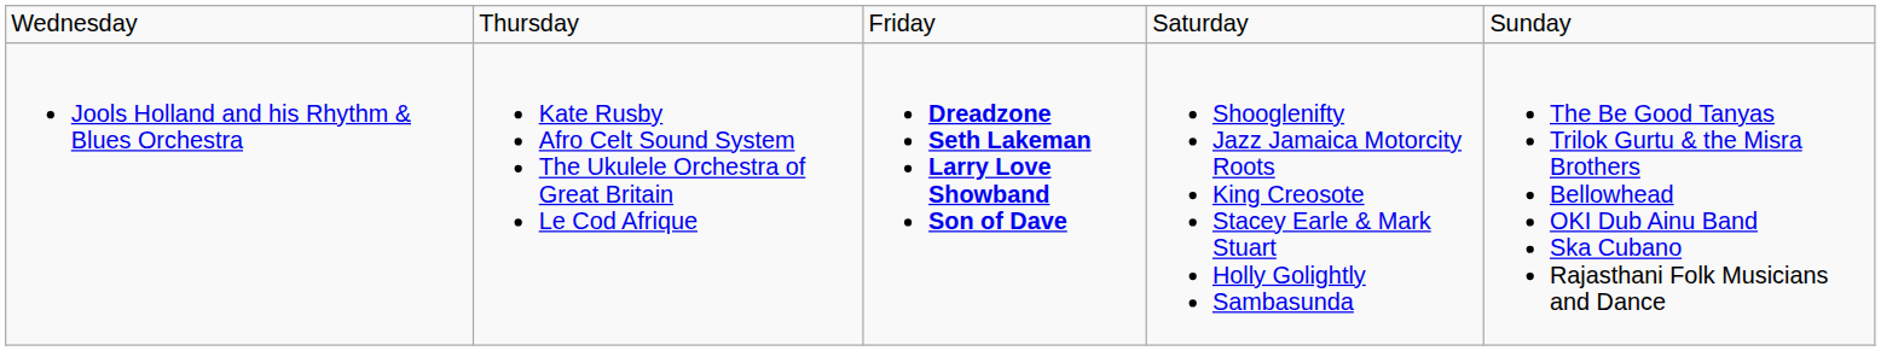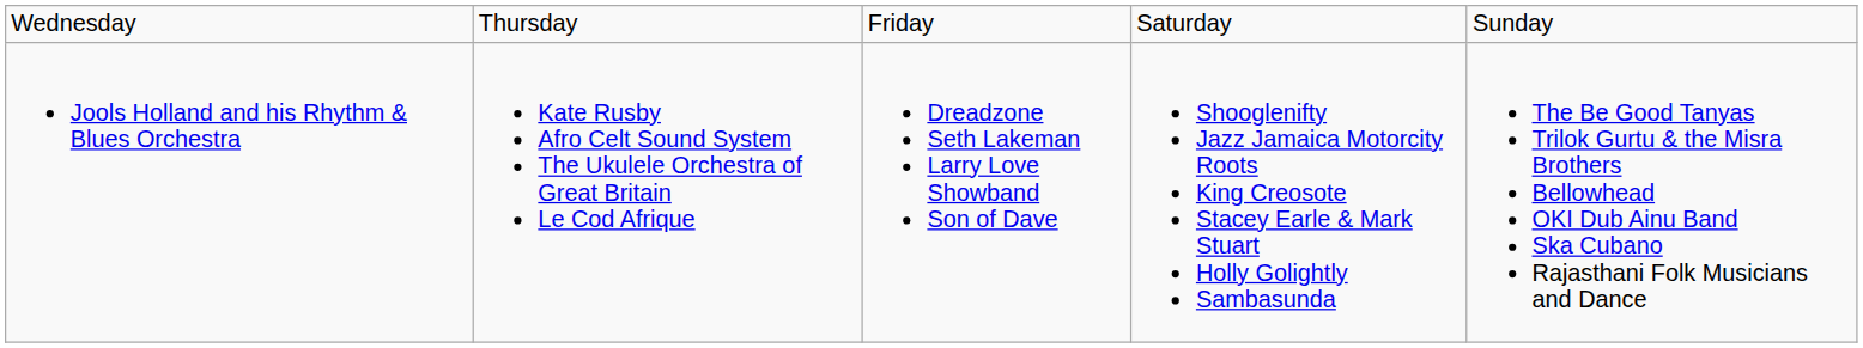 <table class="wikitable">
 <tr>
 <td>Wednesday</td>
 <td>Thursday</td>
 <td>Friday</td>
 <td>Saturday</td>
 <td>Sunday</td>
 </tr>
 <tr valign="top">
 <td><br><ul><li><a href='#'>Jools Holland and his Rhythm & Blues Orchestra</a></li></ul></td>
 <td><br><ul><li><a href='#'>Kate Rusby</a></li><li><a href='#'>Afro Celt Sound System</a></li><li><a href='#'>The Ukulele Orchestra of Great Britain</a></li><li><a href='#'>Le Cod Afrique</a></li></ul></td>
-<td><strong><br><ul><li><a href='#'>Dreadzone</a></li><li><a href='#'>Seth Lakeman</a></li><li><a href='#'>Larry Love Showband</a></li><li><a href='#'>Son of Dave</a></li></ul></strong></td>
+<td><br><ul><li><a href='#'>Dreadzone</a></li><li><a href='#'>Seth Lakeman</a></li><li><a href='#'>Larry Love Showband</a></li><li><a href='#'>Son of Dave</a></li></ul></td>
 <td><br><ul><li><a href='#'>Shooglenifty</a></li><li><a href='#'>Jazz Jamaica Motorcity Roots</a></li><li><a href='#'>King Creosote</a></li><li><a href='#'>Stacey Earle & Mark Stuart</a></li><li><a href='#'>Holly Golightly</a></li><li><a href='#'>Sambasunda</a></li></ul></td>
 <td><br><ul><li><a href='#'>The Be Good Tanyas</a></li><li><a href='#'>Trilok Gurtu & the Misra Brothers</a></li><li><a href='#'>Bellowhead</a></li><li><a href='#'>OKI Dub Ainu Band</a></li><li><a href='#'>Ska Cubano</a></li><li>Rajasthani Folk Musicians and Dance</li></ul></td>
 </tr>
 </table>
